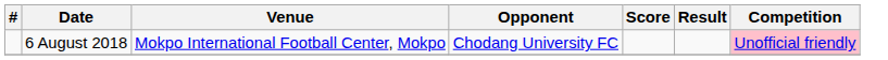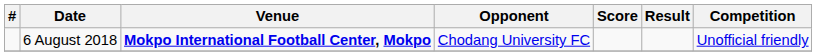 <table class="wikitable" style="font-size:95%">
 <tr>
 <th>#</th>
 <th>Date</th>
 <th>Venue</th>
 <th>Opponent</th>
 <th>Score</th>
 <th>Result</th>
 <th>Competition</th>
 </tr>
 <tr>
 <td></td>
 <td>6 August 2018</td>
-<td><a href='#'>Mokpo International Football Center</a>, <a href='#'>Mokpo</a></td>
+<td><strong><a href='#'>Mokpo International Football Center</a>, <a href='#'>Mokpo</a></strong></td>
 <td> <a href='#'>Chodang University FC</a></td>
 <td></td>
 <td></td>
-<td style="background: pink;"><a href='#'>Unofficial friendly</a></td>
+<td><a href='#'>Unofficial friendly</a></td>
 </tr>
 <tr>
 </tr>
 </table>
